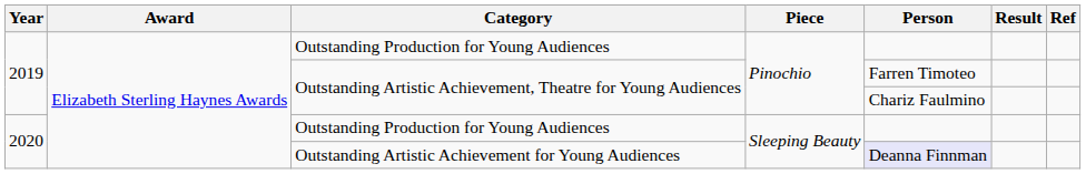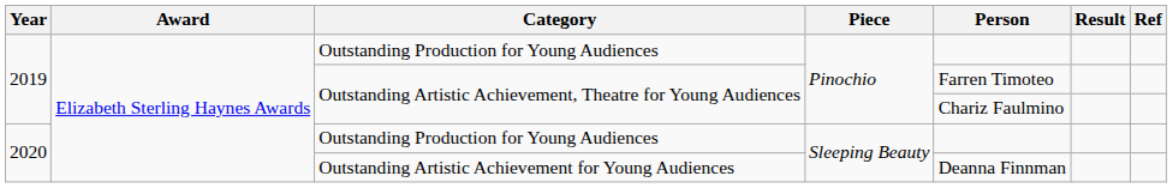 <table class="wikitable">
 <tr>
 <th>Year</th>
 <th>Award</th>
 <th>Category</th>
 <th>Piece</th>
 <th>Person</th>
 <th>Result</th>
 <th>Ref</th>
 </tr>
 <tr>
 <td rowspan="3">2019</td>
 <td rowspan="5"><a href='#'>Elizabeth Sterling Haynes Awards</a></td>
 <td>Outstanding Production for Young Audiences</td>
 <td rowspan="3"><em>Pinochio</em></td>
 <td></td>
 <td></td>
 <td></td>
 </tr>
 <tr>
 <td rowspan="2">Outstanding Artistic Achievement, Theatre for Young Audiences</td>
 <td>Farren Timoteo</td>
 <td></td>
 <td></td>
 </tr>
 <tr>
 <td>Chariz Faulmino</td>
 <td></td>
 <td></td>
 </tr>
 <tr>
 <td rowspan="2">2020</td>
 <td>Outstanding Production for Young Audiences</td>
 <td rowspan="2"><em>Sleeping Beauty</em></td>
 <td></td>
 <td></td>
 <td></td>
 </tr>
 <tr>
 <td>Outstanding Artistic Achievement for Young Audiences</td>
-<td style="background: lavender;">Deanna Finnman</td>
+<td>Deanna Finnman</td>
 <td></td>
 <td></td>
 </tr>
 </table>
